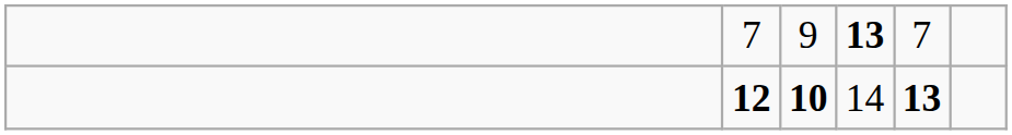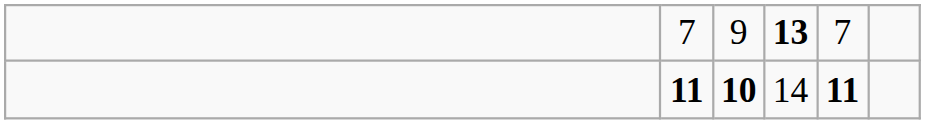 <table class="wikitable">
 <tr>
 <td style="width:18em"></td>
 <td align=center style="width:1em">7</td>
 <td align=center style="width:1em">9</td>
 <td align=center style="width:1em"><strong>13</strong></td>
 <td align=center style="width:1em">7</td>
 <td align=center style="width:1em"></td>
 </tr>
 <tr>
 <td style="width:18em"></td>
-<td align=center style="width:1em"><strong>12</strong></td>
+<td align=center style="width:1em"><strong>11</strong></td>
 <td align=center style="width:1em"><strong>10</strong></td>
 <td align=center style="width:1em">14</td>
-<td align=center style="width:1em"><strong>13</strong></td>
+<td align=center style="width:1em"><strong>11</strong></td>
 <td align=center style="width:1em"></td>
 </tr>
 </table>
